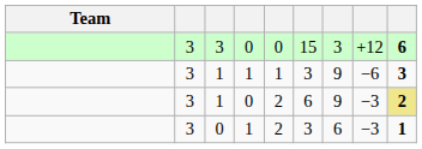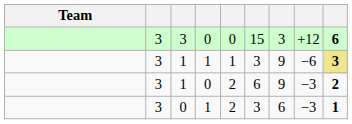 <table class="wikitable" style="text-align:center;">
 <tr>
 <th width=150>Team</th>
 <th width=20></th>
 <th width=20></th>
 <th width=20></th>
 <th width=20></th>
 <th width=20></th>
 <th width=20></th>
 <th width=20></th>
 <th width=20></th>
 </tr>
 <tr bgcolor="#ccffcc">
 <td align=left></td>
 <td>3</td>
 <td>3</td>
 <td>0</td>
 <td>0</td>
 <td>15</td>
 <td>3</td>
 <td>+12</td>
 <td><strong>6</strong></td>
 </tr>
 <tr>
 <td align=left></td>
 <td>3</td>
 <td>1</td>
 <td>1</td>
 <td>1</td>
 <td>3</td>
 <td>9</td>
 <td>−6</td>
-<td><strong>3</strong></td>
+<td style="background: khaki;"><strong>3</strong></td>
 </tr>
 <tr>
 <td align=left></td>
 <td>3</td>
 <td>1</td>
 <td>0</td>
 <td>2</td>
 <td>6</td>
 <td>9</td>
 <td>−3</td>
-<td style="background: khaki;"><strong>2</strong></td>
+<td><strong>2</strong></td>
 </tr>
 <tr>
 <td align=left></td>
 <td>3</td>
 <td>0</td>
 <td>1</td>
 <td>2</td>
 <td>3</td>
 <td>6</td>
 <td>−3</td>
 <td><strong>1</strong></td>
 </tr>
 </table>
